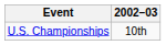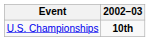 <table class="wikitable" style="text-align:center">
 <tr>
 <th>Event</th>
 <th>2002–03</th>
 </tr>
 <tr>
 <td align=left><a href='#'>U.S. Championships</a></td>
-<td>10th</td>
+<td><strong>10th</strong></td>
 </tr>
 </table>
